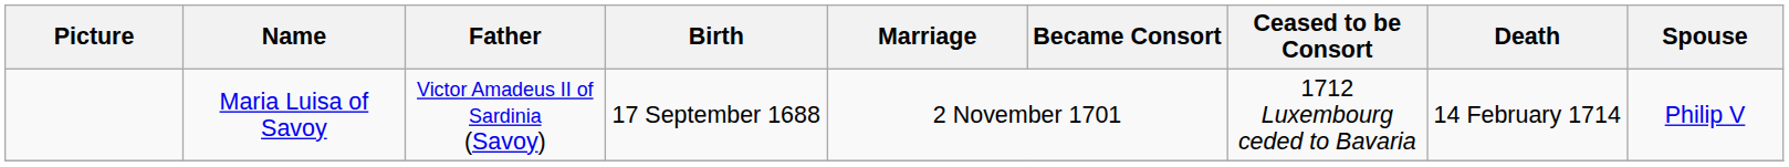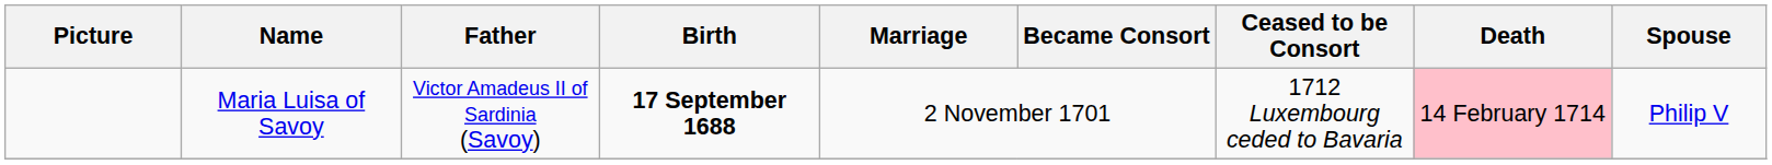 <table width=95% class="wikitable">
 <tr>
 <th width = "8%">Picture</th>
 <th width = "10%">Name</th>
 <th width = "9%">Father</th>
 <th width = "10%">Birth</th>
 <th width = "9%">Marriage</th>
 <th width = "9%">Became Consort</th>
 <th width = "9%">Ceased to be Consort</th>
 <th width = "9%">Death</th>
 <th width = "7%">Spouse</th>
 </tr>
 <tr>
 <td align="center"></td>
 <td align="center"><a href='#'>Maria Luisa of Savoy</a></td>
 <td align="center"><small><a href='#'>Victor Amadeus II of Sardinia</a></small><br>(<a href='#'>Savoy</a>)</td>
-<td align="center">17 September 1688</td>
+<td align="center"><strong>17 September 1688</strong></td>
 <td align="center" colspan="2">2 November 1701</td>
 <td align="center">1712<br><em>Luxembourg ceded to Bavaria</em></td>
-<td align="center">14 February 1714</td>
+<td align="center" style="background: pink;">14 February 1714</td>
 <td align="center"><a href='#'>Philip V</a></td>
 </tr>
 <tr>
 </tr>
 </table>
